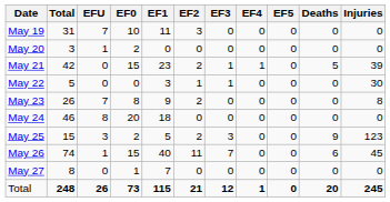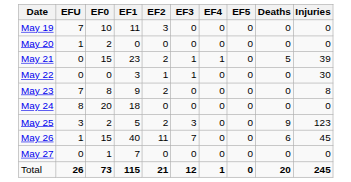 <table class="wikitable sortable" style="margin: 1em auto 1em auto;">
 <tr>
 <th scope="col">Date</th>
-<th scope="col" style="text-align:center;">Total</th>
 <th scope="col" style="text-align:center;"> EFU </th>
 <th scope="col" style="text-align:center;"> EF0 </th>
 <th scope="col" style="text-align:center;"> EF1 </th>
 <th scope="col" style="text-align:center;"> EF2 </th>
 <th scope="col" style="text-align:center;"> EF3 </th>
 <th scope="col" style="text-align:center;"> EF4 </th>
 <th scope="col" style="text-align:center;"> EF5 </th>
 <th scope="col" style="text-align:center;">Deaths</th>
 <th scope="col" style="text-align:center;">Injuries</th>
 </tr>
 <tr>
 <td><a href='#'>May 19</a></td>
-<td align="right">31</td>
 <td align="right">7</td>
 <td align="right">10</td>
 <td align="right">11</td>
 <td align="right">3</td>
 <td align="right">0</td>
 <td align="right">0</td>
 <td align="right">0</td>
 <td align="right">0</td>
 <td align="right">0</td>
 </tr>
 <tr>
 <td><a href='#'>May 20</a></td>
-<td align="right">3</td>
 <td align="right">1</td>
 <td align="right">2</td>
 <td align="right">0</td>
 <td align="right">0</td>
 <td align="right">0</td>
 <td align="right">0</td>
 <td align="right">0</td>
 <td align="right">0</td>
 <td align="right">0</td>
 </tr>
 <tr>
 <td><a href='#'>May 21</a></td>
-<td align="right">42</td>
 <td align="right">0</td>
 <td align="right">15</td>
 <td align="right">23</td>
 <td align="right">2</td>
 <td align="right">1</td>
 <td align="right">1</td>
 <td align="right">0</td>
 <td align="right">5</td>
 <td align="right">39</td>
 </tr>
 <tr>
 <td><a href='#'>May 22</a></td>
-<td align="right">5</td>
 <td align="right">0</td>
 <td align="right">0</td>
 <td align="right">3</td>
 <td align="right">1</td>
 <td align="right">1</td>
 <td align="right">0</td>
 <td align="right">0</td>
 <td align="right">0</td>
 <td align="right">30</td>
 </tr>
 <tr>
 <td><a href='#'>May 23</a></td>
-<td align="right">26</td>
 <td align="right">7</td>
 <td align="right">8</td>
 <td align="right">9</td>
 <td align="right">2</td>
 <td align="right">0</td>
 <td align="right">0</td>
 <td align="right">0</td>
 <td align="right">0</td>
 <td align="right">8</td>
 </tr>
 <tr>
 <td><a href='#'>May 24</a></td>
-<td align="right">46</td>
 <td align="right">8</td>
 <td align="right">20</td>
 <td align="right">18</td>
 <td align="right">0</td>
 <td align="right">0</td>
 <td align="right">0</td>
 <td align="right">0</td>
 <td align="right">0</td>
 <td align="right">0</td>
 </tr>
 <tr>
 <td><a href='#'>May 25</a></td>
-<td align="right">15</td>
 <td align="right">3</td>
 <td align="right">2</td>
 <td align="right">5</td>
 <td align="right">2</td>
 <td align="right">3</td>
 <td align="right">0</td>
 <td align="right">0</td>
 <td align="right">9</td>
 <td align="right">123</td>
 </tr>
 <tr>
 <td><a href='#'>May 26</a></td>
-<td align="right">74</td>
 <td align="right">1</td>
 <td align="right">15</td>
 <td align="right">40</td>
 <td align="right">11</td>
 <td align="right">7</td>
 <td align="right">0</td>
 <td align="right">0</td>
 <td align="right">6</td>
 <td align="right">45</td>
 </tr>
 <tr>
 <td><a href='#'>May 27</a></td>
-<td align="right">8</td>
 <td align="right">0</td>
 <td align="right">1</td>
 <td align="right">7</td>
 <td align="right">0</td>
 <td align="right">0</td>
 <td align="right">0</td>
 <td align="right">0</td>
 <td align="right">0</td>
 <td align="right">0</td>
 </tr>
 <tr class="sortbottom">
 <td>Total</td>
-<td align="right"><strong>248</strong></td>
 <td align="right"><strong>26</strong></td>
 <td align="right"><strong>73</strong></td>
 <td align="right"><strong>115</strong></td>
 <td align="right"><strong>21</strong></td>
 <td align="right"><strong>12</strong></td>
 <td align="right"><strong>1</strong></td>
 <td align="right"><strong>0</strong></td>
 <td style="text-align:right;"><strong>20</strong></td>
 <td style="text-align:right;"><strong>245</strong></td>
 </tr>
 </table>
